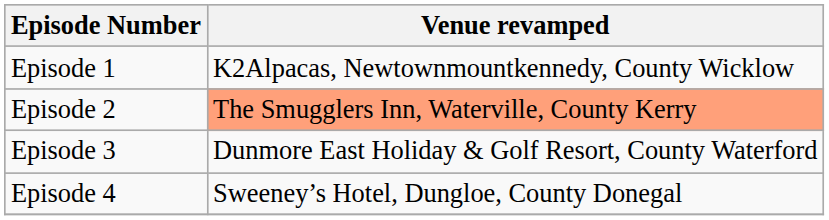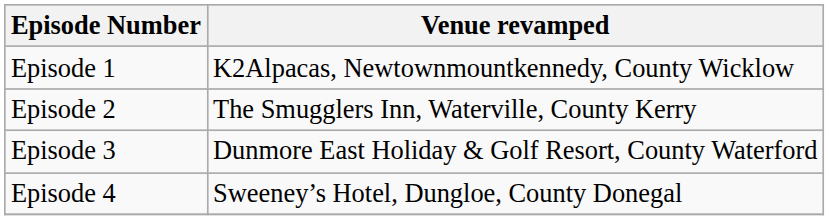 <table class="wikitable">
 <tr>
 <th>Episode Number</th>
 <th>Venue revamped</th>
 </tr>
 <tr>
 <td>Episode 1</td>
 <td>K2Alpacas, Newtownmountkennedy, County Wicklow</td>
 </tr>
 <tr>
 <td>Episode 2</td>
-<td style="background: lightsalmon;">The Smugglers Inn, Waterville, County Kerry</td>
+<td>The Smugglers Inn, Waterville, County Kerry</td>
 </tr>
 <tr>
 <td>Episode 3</td>
 <td>Dunmore East Holiday & Golf Resort, County Waterford</td>
 </tr>
 <tr>
 <td>Episode 4</td>
 <td>Sweeney’s Hotel, Dungloe, County Donegal</td>
 </tr>
 <tr>
 </tr>
 </table>
